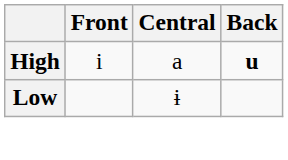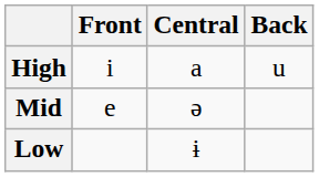 <table class="wikitable" style="text-align: center;">
 <tr>
 <th></th>
 <th>Front</th>
 <th>Central</th>
 <th>Back</th>
 </tr>
 <tr>
 <th>High</th>
 <td>i</td>
 <td>a</td>
-<td><strong>u</strong></td>
+<td>u</td>
+</tr>
+<tr>
+<th>Mid</th>
+<td>e</td>
+<td>ə</td>
+<td></td>
 </tr>
 <tr>
 <th>Low</th>
 <td></td>
 <td>ɨ</td>
 <td></td>
 </tr>
 </table>
